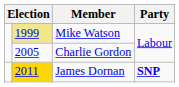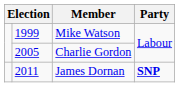 <table class="wikitable">
 <tr>
 <th colspan="2">Election</th>
 <th>Member</th>
 <th>Party</th>
 </tr>
 <tr>
 <td rowspan="2" style="background-color: "></td>
-<td style="background: khaki;"><a href='#'>1999</a></td>
+<td><a href='#'>1999</a></td>
 <td><a href='#'>Mike Watson</a></td>
 <td rowspan="2"><a href='#'>Labour</a></td>
 </tr>
 <tr>
 <td><a href='#'>2005</a></td>
 <td><a href='#'>Charlie Gordon</a></td>
 </tr>
 <tr>
 <td style="background-color: "></td>
-<td style="background: gold;"><a href='#'>2011</a></td>
+<td><a href='#'>2011</a></td>
 <td><a href='#'>James Dornan</a></td>
 <td><strong><a href='#'>SNP</a></strong></td>
 </tr>
 </table>
